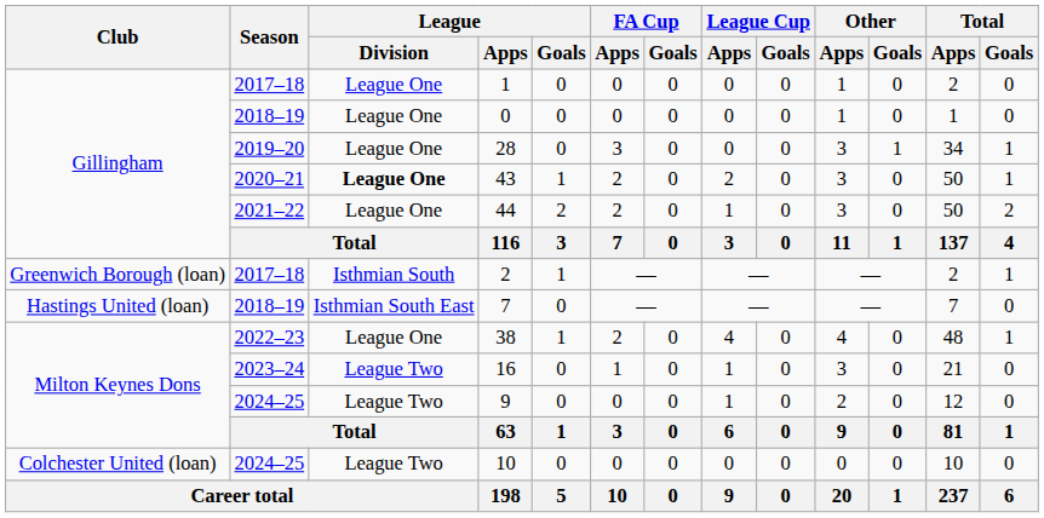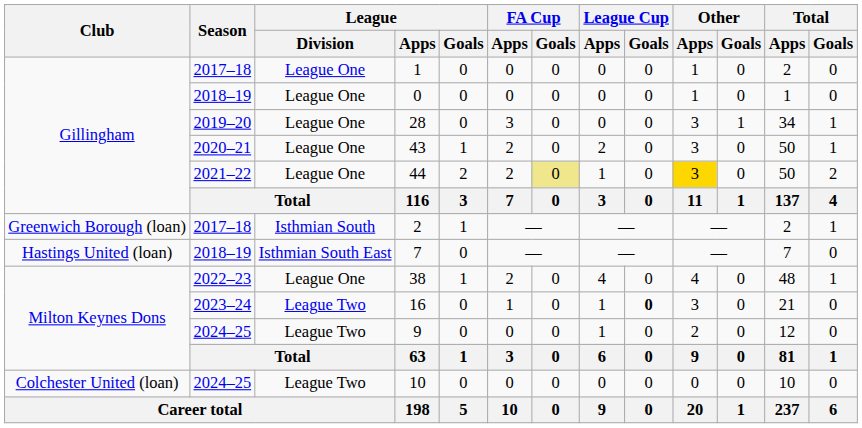 <table class="wikitable" style="text-align: center">
 <tr>
 <th rowspan="2">Club</th>
 <th rowspan="2">Season</th>
 <th colspan="3">League</th>
 <th colspan="2"><a href='#'>FA Cup</a></th>
 <th colspan="2"><a href='#'>League Cup</a></th>
 <th colspan="2">Other</th>
 <th colspan="2">Total</th>
 </tr>
 <tr>
 <th>Division</th>
 <th>Apps</th>
 <th>Goals</th>
 <th>Apps</th>
 <th>Goals</th>
 <th>Apps</th>
 <th>Goals</th>
 <th>Apps</th>
 <th>Goals</th>
 <th>Apps</th>
 <th>Goals</th>
 </tr>
 <tr>
 <td rowspan="6"><a href='#'>Gillingham</a></td>
 <td><a href='#'>2017–18</a></td>
 <td><a href='#'>League One</a></td>
 <td>1</td>
 <td>0</td>
 <td>0</td>
 <td>0</td>
 <td>0</td>
 <td>0</td>
 <td>1</td>
 <td>0</td>
 <td>2</td>
 <td>0</td>
 </tr>
 <tr>
 <td><a href='#'>2018–19</a></td>
 <td>League One</td>
 <td>0</td>
 <td>0</td>
 <td>0</td>
 <td>0</td>
 <td>0</td>
 <td>0</td>
 <td>1</td>
 <td>0</td>
 <td>1</td>
 <td>0</td>
 </tr>
 <tr>
 <td><a href='#'>2019–20</a></td>
 <td>League One</td>
 <td>28</td>
 <td>0</td>
 <td>3</td>
 <td>0</td>
 <td>0</td>
 <td>0</td>
 <td>3</td>
 <td>1</td>
 <td>34</td>
 <td>1</td>
 </tr>
 <tr>
 <td><a href='#'>2020–21</a></td>
-<td><strong>League One</strong></td>
+<td>League One</td>
 <td>43</td>
 <td>1</td>
 <td>2</td>
 <td>0</td>
 <td>2</td>
 <td>0</td>
 <td>3</td>
 <td>0</td>
 <td>50</td>
 <td>1</td>
 </tr>
 <tr>
 <td><a href='#'>2021–22</a></td>
 <td>League One</td>
 <td>44</td>
 <td>2</td>
 <td>2</td>
-<td>0</td>
+<td style="background: khaki;">0</td>
 <td>1</td>
 <td>0</td>
-<td>3</td>
+<td style="background: gold;">3</td>
 <td>0</td>
 <td>50</td>
 <td>2</td>
 </tr>
 <tr>
 <th colspan="2">Total</th>
 <th>116</th>
 <th>3</th>
 <th>7</th>
 <th>0</th>
 <th>3</th>
 <th>0</th>
 <th>11</th>
 <th>1</th>
 <th>137</th>
 <th>4</th>
 </tr>
 <tr>
 <td><a href='#'>Greenwich Borough</a> (loan)</td>
 <td><a href='#'>2017–18</a></td>
 <td><a href='#'>Isthmian South</a></td>
 <td>2</td>
 <td>1</td>
 <td colspan="2">—</td>
 <td colspan="2">—</td>
 <td colspan="2">—</td>
 <td>2</td>
 <td>1</td>
 </tr>
 <tr>
 <td><a href='#'>Hastings United</a> (loan)</td>
 <td><a href='#'>2018–19</a></td>
 <td><a href='#'>Isthmian South East</a></td>
 <td>7</td>
 <td>0</td>
 <td colspan="2">—</td>
 <td colspan="2">—</td>
 <td colspan="2">—</td>
 <td>7</td>
 <td>0</td>
 </tr>
 <tr>
 <td rowspan="4"><a href='#'>Milton Keynes Dons</a></td>
 <td><a href='#'>2022–23</a></td>
 <td>League One</td>
 <td>38</td>
 <td>1</td>
 <td>2</td>
 <td>0</td>
 <td>4</td>
 <td>0</td>
 <td>4</td>
 <td>0</td>
 <td>48</td>
 <td>1</td>
 </tr>
 <tr>
 <td><a href='#'>2023–24</a></td>
 <td><a href='#'>League Two</a></td>
 <td>16</td>
 <td>0</td>
 <td>1</td>
 <td>0</td>
 <td>1</td>
-<td>0</td>
+<td><strong>0</strong></td>
 <td>3</td>
 <td>0</td>
 <td>21</td>
 <td>0</td>
 </tr>
 <tr>
 <td><a href='#'>2024–25</a></td>
 <td>League Two</td>
 <td>9</td>
 <td>0</td>
 <td>0</td>
 <td>0</td>
 <td>1</td>
 <td>0</td>
 <td>2</td>
 <td>0</td>
 <td>12</td>
 <td>0</td>
 </tr>
 <tr>
 <th colspan="2">Total</th>
 <th>63</th>
 <th>1</th>
 <th>3</th>
 <th>0</th>
 <th>6</th>
 <th>0</th>
 <th>9</th>
 <th>0</th>
 <th>81</th>
 <th>1</th>
 </tr>
 <tr>
 <td><a href='#'>Colchester United</a> (loan)</td>
 <td><a href='#'>2024–25</a></td>
 <td>League Two</td>
 <td>10</td>
 <td>0</td>
 <td>0</td>
 <td>0</td>
 <td>0</td>
 <td>0</td>
 <td>0</td>
 <td>0</td>
 <td>10</td>
 <td>0</td>
 </tr>
 <tr>
 <th colspan="3">Career total</th>
 <th>198</th>
 <th>5</th>
 <th>10</th>
 <th>0</th>
 <th>9</th>
 <th>0</th>
 <th>20</th>
 <th>1</th>
 <th>237</th>
 <th>6</th>
 </tr>
 </table>
